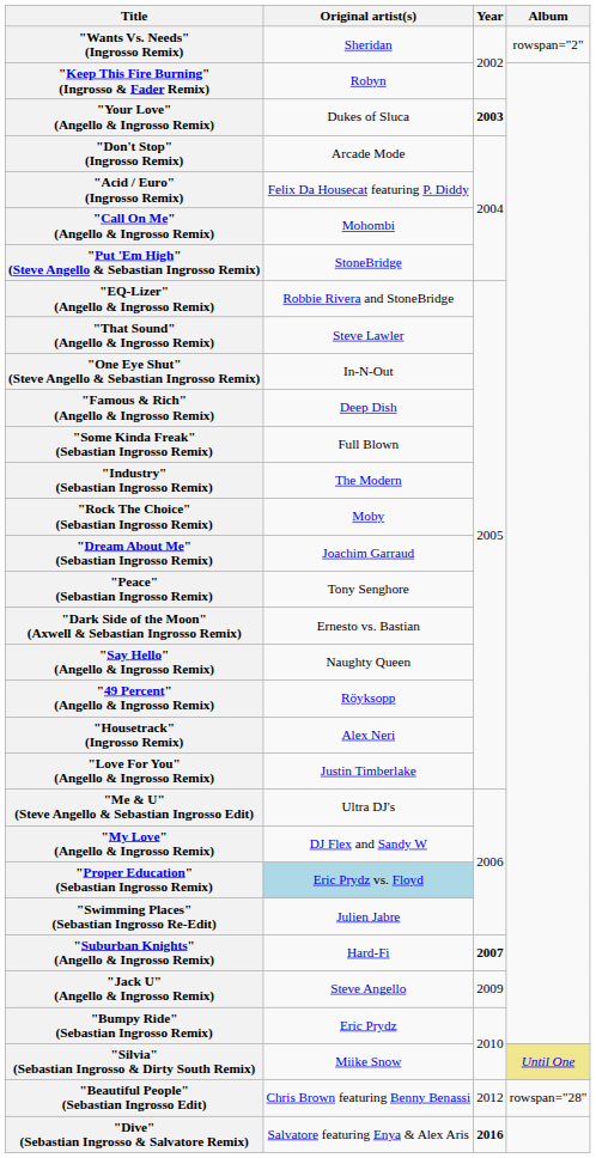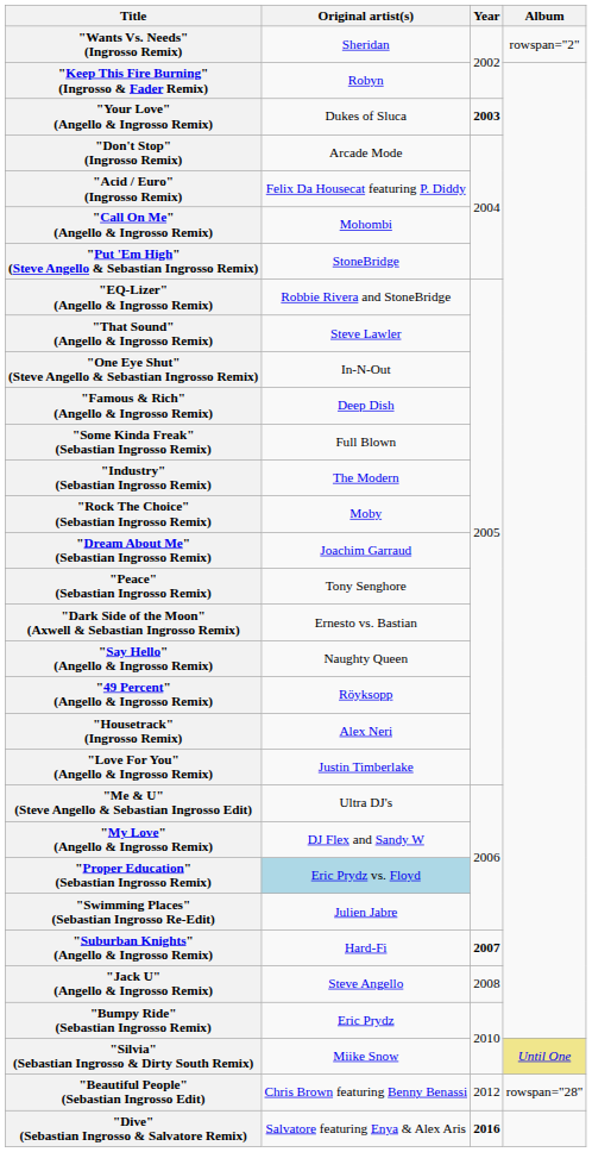 <table class="wikitable plainrowheaders" style="text-align:center;">
 <tr>
 <th scope="col">Title</th>
 <th scope="col">Original artist(s)</th>
 <th scope="col">Year</th>
 <th scope="col">Album</th>
 </tr>
 <tr>
 <th scope="row">"Wants Vs. Needs"<br><span>(Ingrosso Remix)</span></th>
 <td><a href='#'>Sheridan</a></td>
 <td rowspan="2">2002</td>
 <td>rowspan="2" </td>
 </tr>
 <tr>
 <th scope="row">"<a href='#'>Keep This Fire Burning</a>"<br><span>(Ingrosso & <a href='#'>Fader</a> Remix)</span></th>
 <td><a href='#'>Robyn</a></td>
 </tr>
 <tr>
 <th scope="row">"Your Love"<br><span>(Angello & Ingrosso Remix)</span></th>
 <td>Dukes of Sluca</td>
 <td><strong>2003</strong></td>
 </tr>
 <tr>
 <th scope="row">"Don't Stop"<br><span>(Ingrosso Remix)</span></th>
 <td>Arcade Mode</td>
 <td rowspan="4">2004</td>
 </tr>
 <tr>
 <th scope="row">"Acid / Euro"<br><span>(Ingrosso Remix)</span></th>
 <td><a href='#'>Felix Da Housecat</a> featuring <a href='#'>P. Diddy</a></td>
 </tr>
 <tr>
 <th scope="row">"<a href='#'>Call On Me</a>"<br><span>(Angello & Ingrosso Remix)</span></th>
 <td><a href='#'>Mohombi</a></td>
 </tr>
 <tr>
 <th scope="row">"<a href='#'>Put 'Em High</a>"<br><span>(<a href='#'>Steve Angello</a> & Sebastian Ingrosso Remix)</span></th>
 <td><a href='#'>StoneBridge</a></td>
 </tr>
 <tr>
 <th scope="row">"EQ-Lizer"<br><span>(Angello & Ingrosso Remix)</span></th>
 <td><a href='#'>Robbie Rivera</a> and StoneBridge</td>
 <td rowspan="14">2005</td>
 </tr>
 <tr>
 <th scope="row">"That Sound"<br><span>(Angello & Ingrosso Remix)</span></th>
 <td><a href='#'>Steve Lawler</a></td>
 </tr>
 <tr>
 <th scope="row">"One Eye Shut"<br><span>(Steve Angello & Sebastian Ingrosso Remix)</span></th>
 <td>In-N-Out</td>
 </tr>
 <tr>
 <th scope="row">"Famous & Rich"<br><span>(Angello & Ingrosso Remix)</span></th>
 <td><a href='#'>Deep Dish</a></td>
 </tr>
 <tr>
 <th scope="row">"Some Kinda Freak"<br><span>(Sebastian Ingrosso Remix)</span></th>
 <td>Full Blown</td>
 </tr>
 <tr>
 <th scope="row">"Industry"<br><span>(Sebastian Ingrosso Remix)</span></th>
 <td><a href='#'>The Modern</a></td>
 </tr>
 <tr>
 <th scope="row">"Rock The Choice"<br><span>(Sebastian Ingrosso Remix)</span></th>
 <td><a href='#'>Moby</a></td>
 </tr>
 <tr>
 <th scope="row">"<a href='#'>Dream About Me</a>"<br><span>(Sebastian Ingrosso Remix)</span></th>
 <td><a href='#'>Joachim Garraud</a></td>
 </tr>
 <tr>
 <th scope="row">"Peace"<br><span>(Sebastian Ingrosso Remix)</span></th>
 <td>Tony Senghore</td>
 </tr>
 <tr>
 <th scope="row">"Dark Side of the Moon"<br><span>(Axwell & Sebastian Ingrosso Remix)</span></th>
 <td>Ernesto vs. Bastian</td>
 </tr>
 <tr>
 <th scope="row">"<a href='#'>Say Hello</a>"<br><span>(Angello & Ingrosso Remix)</span></th>
 <td>Naughty Queen</td>
 </tr>
 <tr>
 <th scope="row">"<a href='#'>49 Percent</a>"<br><span>(Angello & Ingrosso Remix)</span></th>
 <td><a href='#'>Röyksopp</a></td>
 </tr>
 <tr>
 <th scope="row">"Housetrack"<br><span>(Ingrosso Remix)</span></th>
 <td><a href='#'>Alex Neri</a></td>
 </tr>
 <tr>
 <th scope="row">"Love For You"<br><span>(Angello & Ingrosso Remix)</span></th>
 <td><a href='#'>Justin Timberlake</a></td>
 </tr>
 <tr>
 <th scope="row">"Me & U"<br><span>(Steve Angello & Sebastian Ingrosso Edit)</span></th>
 <td>Ultra DJ's</td>
 <td rowspan="4">2006</td>
 </tr>
 <tr>
 <th scope="row">"<a href='#'>My Love</a>"<br><span>(Angello & Ingrosso Remix)</span></th>
 <td><a href='#'>DJ Flex</a> and <a href='#'>Sandy W</a></td>
 </tr>
 <tr>
 <th scope="row">"<a href='#'>Proper Education</a>"<br><span>(Sebastian Ingrosso Remix)</span></th>
 <td style="background: lightblue;"><a href='#'>Eric Prydz</a> vs. <a href='#'>Floyd</a></td>
 </tr>
 <tr>
 <th scope="row">"Swimming Places"<br><span>(Sebastian Ingrosso Re-Edit)</span></th>
 <td><a href='#'>Julien Jabre</a></td>
 </tr>
 <tr>
 <th scope="row">"<a href='#'>Suburban Knights</a>"<br><span>(Angello & Ingrosso Remix)</span></th>
 <td><a href='#'>Hard-Fi</a></td>
 <td><strong>2007</strong></td>
 </tr>
 <tr>
 <th scope="row">"Jack U"<br><span>(Angello & Ingrosso Remix)</span></th>
 <td><a href='#'>Steve Angello</a></td>
-<td>2009</td>
+<td>2008</td>
 </tr>
 <tr>
 <th scope="row">"Bumpy Ride"<br><span>(Sebastian Ingrosso Remix)</span></th>
 <td><a href='#'>Eric Prydz</a></td>
 <td rowspan="2">2010</td>
 </tr>
 <tr>
 <th scope="row">"Silvia"<br><span>(Sebastian Ingrosso & Dirty South Remix)</span></th>
 <td><a href='#'>Miike Snow</a></td>
 <td style="background: khaki;"><em><a href='#'>Until One</a></em></td>
 </tr>
 <tr>
 <th scope="row">"Beautiful People"<br><span>(Sebastian Ingrosso Edit)</span></th>
 <td><a href='#'>Chris Brown</a> featuring <a href='#'>Benny Benassi</a></td>
 <td>2012</td>
 <td>rowspan="28" </td>
 </tr>
 <tr>
 <th scope="row">"Dive"<br><span>(Sebastian Ingrosso & Salvatore Remix)</span></th>
 <td><a href='#'>Salvatore</a> featuring <a href='#'>Enya</a> & Alex Aris</td>
 <td><strong>2016</strong></td>
 </tr>
 </table>
